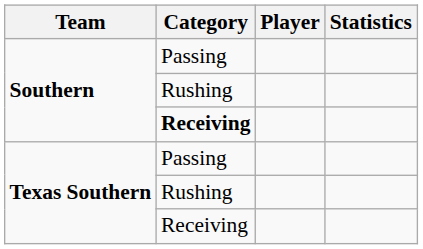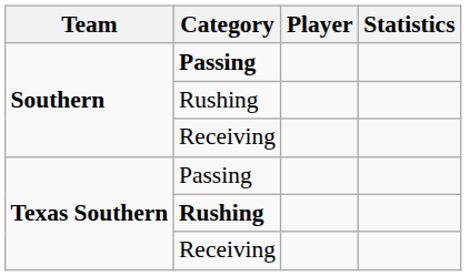 <table class="wikitable" style="float: left;">
 <tr>
 <th>Team</th>
 <th>Category</th>
 <th>Player</th>
 <th>Statistics</th>
 </tr>
 <tr>
 <td rowspan=3><strong>Southern</strong></td>
-<td>Passing</td>
-<td> </td>
-<td> </td>
-</tr>
-<tr>
-<td>Rushing</td>
-<td> </td>
-<td> </td>
-</tr>
-<tr>
-<td><strong>Receiving</strong></td>
-<td> </td>
-<td> </td>
-</tr>
-<tr>
-<td rowspan=3><strong>Texas Southern</strong></td>
-<td>Passing</td>
+<td><strong>Passing</strong></td>
 <td> </td>
 <td> </td>
 </tr>
 <tr>
 <td>Rushing</td>
 <td> </td>
 <td> </td>
 </tr>
 <tr>
 <td>Receiving</td>
 <td> </td>
 <td> </td>
 </tr>
+<tr>
+<td rowspan=3><strong>Texas Southern</strong></td>
+<td>Passing</td>
+<td> </td>
+<td> </td>
+</tr>
+<tr>
+<td><strong>Rushing</strong></td>
+<td> </td>
+<td> </td>
+</tr>
+<tr>
+<td>Receiving</td>
+<td> </td>
+<td> </td>
+</tr>
 </table>
